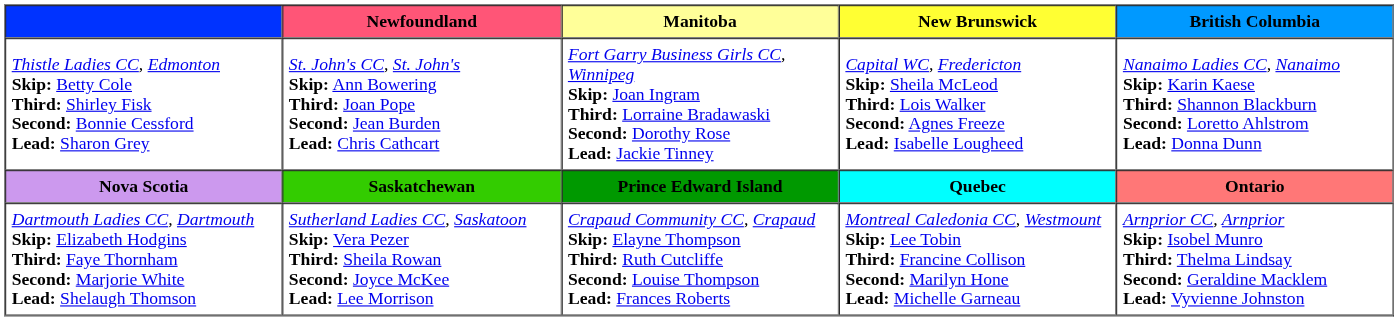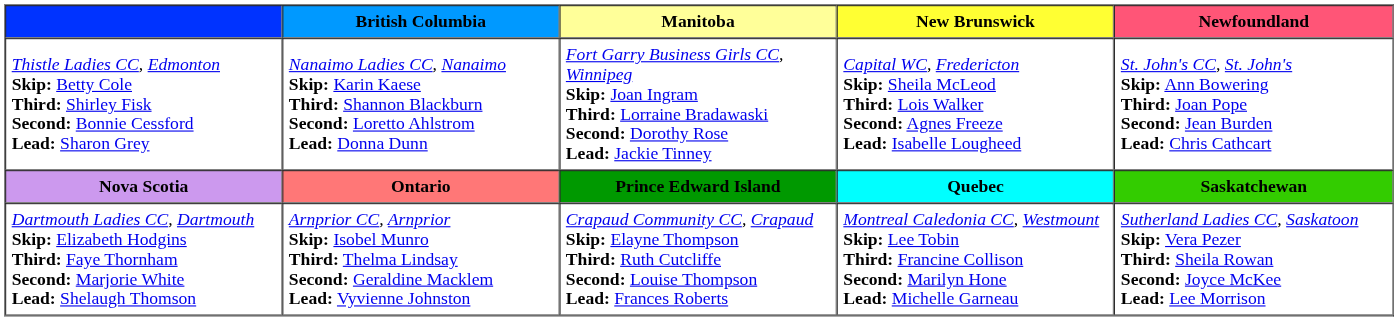 <table border=1 cellpadding=5 cellspacing=0>
 <tr>
 <th bgcolor="#0033ff" width="250"></th>
-<th bgcolor="#ff5577" width="250">Newfoundland</th>
+<th bgcolor="#0099ff" width="250">British Columbia</th>
 <th bgcolor="#ffff99" width="250">Manitoba</th>
 <th bgcolor="#ffff33" width="250">New Brunswick</th>
-<th bgcolor="#0099ff" width="250">British Columbia</th>
+<th bgcolor="#ff5577" width="250">Newfoundland</th>
 </tr>
 <tr align=center>
 <td align=left><em><a href='#'>Thistle Ladies CC</a>, <a href='#'>Edmonton</a></em><br><strong>Skip:</strong>  <a href='#'>Betty Cole</a><br> <strong>Third:</strong>  <a href='#'>Shirley Fisk</a><br> <strong>Second:</strong>  <a href='#'>Bonnie Cessford</a><br> <strong>Lead:</strong> <a href='#'>Sharon Grey</a><br></td>
-<td align=left><em><a href='#'>St. John's CC</a>, <a href='#'>St. John's</a></em><br><strong>Skip:</strong>  <a href='#'>Ann Bowering</a> <br> <strong>Third:</strong> <a href='#'>Joan Pope</a><br> <strong>Second:</strong> <a href='#'>Jean Burden</a><br> <strong>Lead:</strong> <a href='#'>Chris Cathcart</a><br></td>
+<td align=left><em><a href='#'>Nanaimo Ladies CC</a>, <a href='#'>Nanaimo</a></em><br><strong>Skip:</strong>  <a href='#'>Karin Kaese</a><br> <strong>Third:</strong> <a href='#'>Shannon Blackburn</a><br> <strong>Second:</strong> <a href='#'>Loretto Ahlstrom</a><br> <strong>Lead:</strong> <a href='#'>Donna Dunn</a><br></td>
 <td align=left><em><a href='#'>Fort Garry Business Girls CC</a>, <a href='#'>Winnipeg</a></em><br><strong>Skip:</strong> <a href='#'>Joan Ingram</a> <br> <strong>Third:</strong> <a href='#'>Lorraine Bradawaski</a><br> <strong>Second:</strong> <a href='#'>Dorothy Rose</a><br> <strong>Lead:</strong> <a href='#'>Jackie Tinney</a><br></td>
 <td align=left><em><a href='#'>Capital WC</a>, <a href='#'>Fredericton</a></em><br><strong>Skip:</strong>  <a href='#'>Sheila McLeod</a><br> <strong>Third:</strong> <a href='#'>Lois Walker</a><br> <strong>Second:</strong> <a href='#'>Agnes Freeze</a><br> <strong>Lead:</strong> <a href='#'>Isabelle Lougheed</a><br></td>
-<td align=left><em><a href='#'>Nanaimo Ladies CC</a>, <a href='#'>Nanaimo</a></em><br><strong>Skip:</strong>  <a href='#'>Karin Kaese</a><br> <strong>Third:</strong> <a href='#'>Shannon Blackburn</a><br> <strong>Second:</strong> <a href='#'>Loretto Ahlstrom</a><br> <strong>Lead:</strong> <a href='#'>Donna Dunn</a><br></td>
+<td align=left><em><a href='#'>St. John's CC</a>, <a href='#'>St. John's</a></em><br><strong>Skip:</strong>  <a href='#'>Ann Bowering</a> <br> <strong>Third:</strong> <a href='#'>Joan Pope</a><br> <strong>Second:</strong> <a href='#'>Jean Burden</a><br> <strong>Lead:</strong> <a href='#'>Chris Cathcart</a><br></td>
 </tr>
 <tr border=1 cellpadding=5 cellspacing=0>
 <th bgcolor="#cc99ee" width="250">Nova Scotia</th>
-<th bgcolor="#33cc00" width="250">Saskatchewan</th>
+<th bgcolor="#ff7777" width="250">Ontario</th>
 <th bgcolor="#009900" width="250">Prince Edward Island</th>
 <th bgcolor="#00ffff" width="250">Quebec</th>
-<th bgcolor="#ff7777" width="250">Ontario</th>
+<th bgcolor="#33cc00" width="250">Saskatchewan</th>
 </tr>
 <tr align=center>
 <td align=left><em><a href='#'>Dartmouth Ladies CC</a>, <a href='#'>Dartmouth</a></em><br><strong>Skip:</strong>  <a href='#'>Elizabeth Hodgins</a><br> <strong>Third:</strong> <a href='#'>Faye Thornham</a><br> <strong>Second:</strong> <a href='#'>Marjorie White</a> <br> <strong>Lead:</strong> <a href='#'>Shelaugh Thomson</a><br></td>
-<td align=left><em><a href='#'>Sutherland Ladies CC</a>, <a href='#'>Saskatoon</a></em><br><strong>Skip:</strong>  <a href='#'>Vera Pezer</a><br> <strong>Third:</strong> <a href='#'>Sheila Rowan</a><br> <strong>Second:</strong> <a href='#'>Joyce McKee</a><br> <strong>Lead:</strong> <a href='#'>Lee Morrison</a><br></td>
+<td align=left><em><a href='#'>Arnprior CC</a>, <a href='#'>Arnprior</a></em><br><strong>Skip:</strong>  <a href='#'>Isobel Munro</a><br> <strong>Third:</strong> <a href='#'>Thelma Lindsay</a><br> <strong>Second:</strong> <a href='#'>Geraldine Macklem</a><br> <strong>Lead:</strong> <a href='#'>Vyvienne Johnston</a><br></td>
 <td align=left><em><a href='#'>Crapaud Community CC</a>, <a href='#'>Crapaud</a></em><br><strong>Skip:</strong>  <a href='#'>Elayne Thompson</a><br> <strong>Third:</strong> <a href='#'>Ruth Cutcliffe</a><br> <strong>Second:</strong> <a href='#'>Louise Thompson</a><br> <strong>Lead:</strong> <a href='#'>Frances Roberts</a><br></td>
 <td align=left><em><a href='#'>Montreal Caledonia CC</a>, <a href='#'>Westmount</a></em><br><strong>Skip:</strong>  <a href='#'>Lee Tobin</a><br> <strong>Third:</strong> <a href='#'>Francine Collison</a><br> <strong>Second:</strong> <a href='#'>Marilyn Hone</a><br> <strong>Lead:</strong> <a href='#'>Michelle Garneau</a><br></td>
-<td align=left><em><a href='#'>Arnprior CC</a>, <a href='#'>Arnprior</a></em><br><strong>Skip:</strong>  <a href='#'>Isobel Munro</a><br> <strong>Third:</strong> <a href='#'>Thelma Lindsay</a><br> <strong>Second:</strong> <a href='#'>Geraldine Macklem</a><br> <strong>Lead:</strong> <a href='#'>Vyvienne Johnston</a><br></td>
+<td align=left><em><a href='#'>Sutherland Ladies CC</a>, <a href='#'>Saskatoon</a></em><br><strong>Skip:</strong>  <a href='#'>Vera Pezer</a><br> <strong>Third:</strong> <a href='#'>Sheila Rowan</a><br> <strong>Second:</strong> <a href='#'>Joyce McKee</a><br> <strong>Lead:</strong> <a href='#'>Lee Morrison</a><br></td>
 </tr>
 </table>
